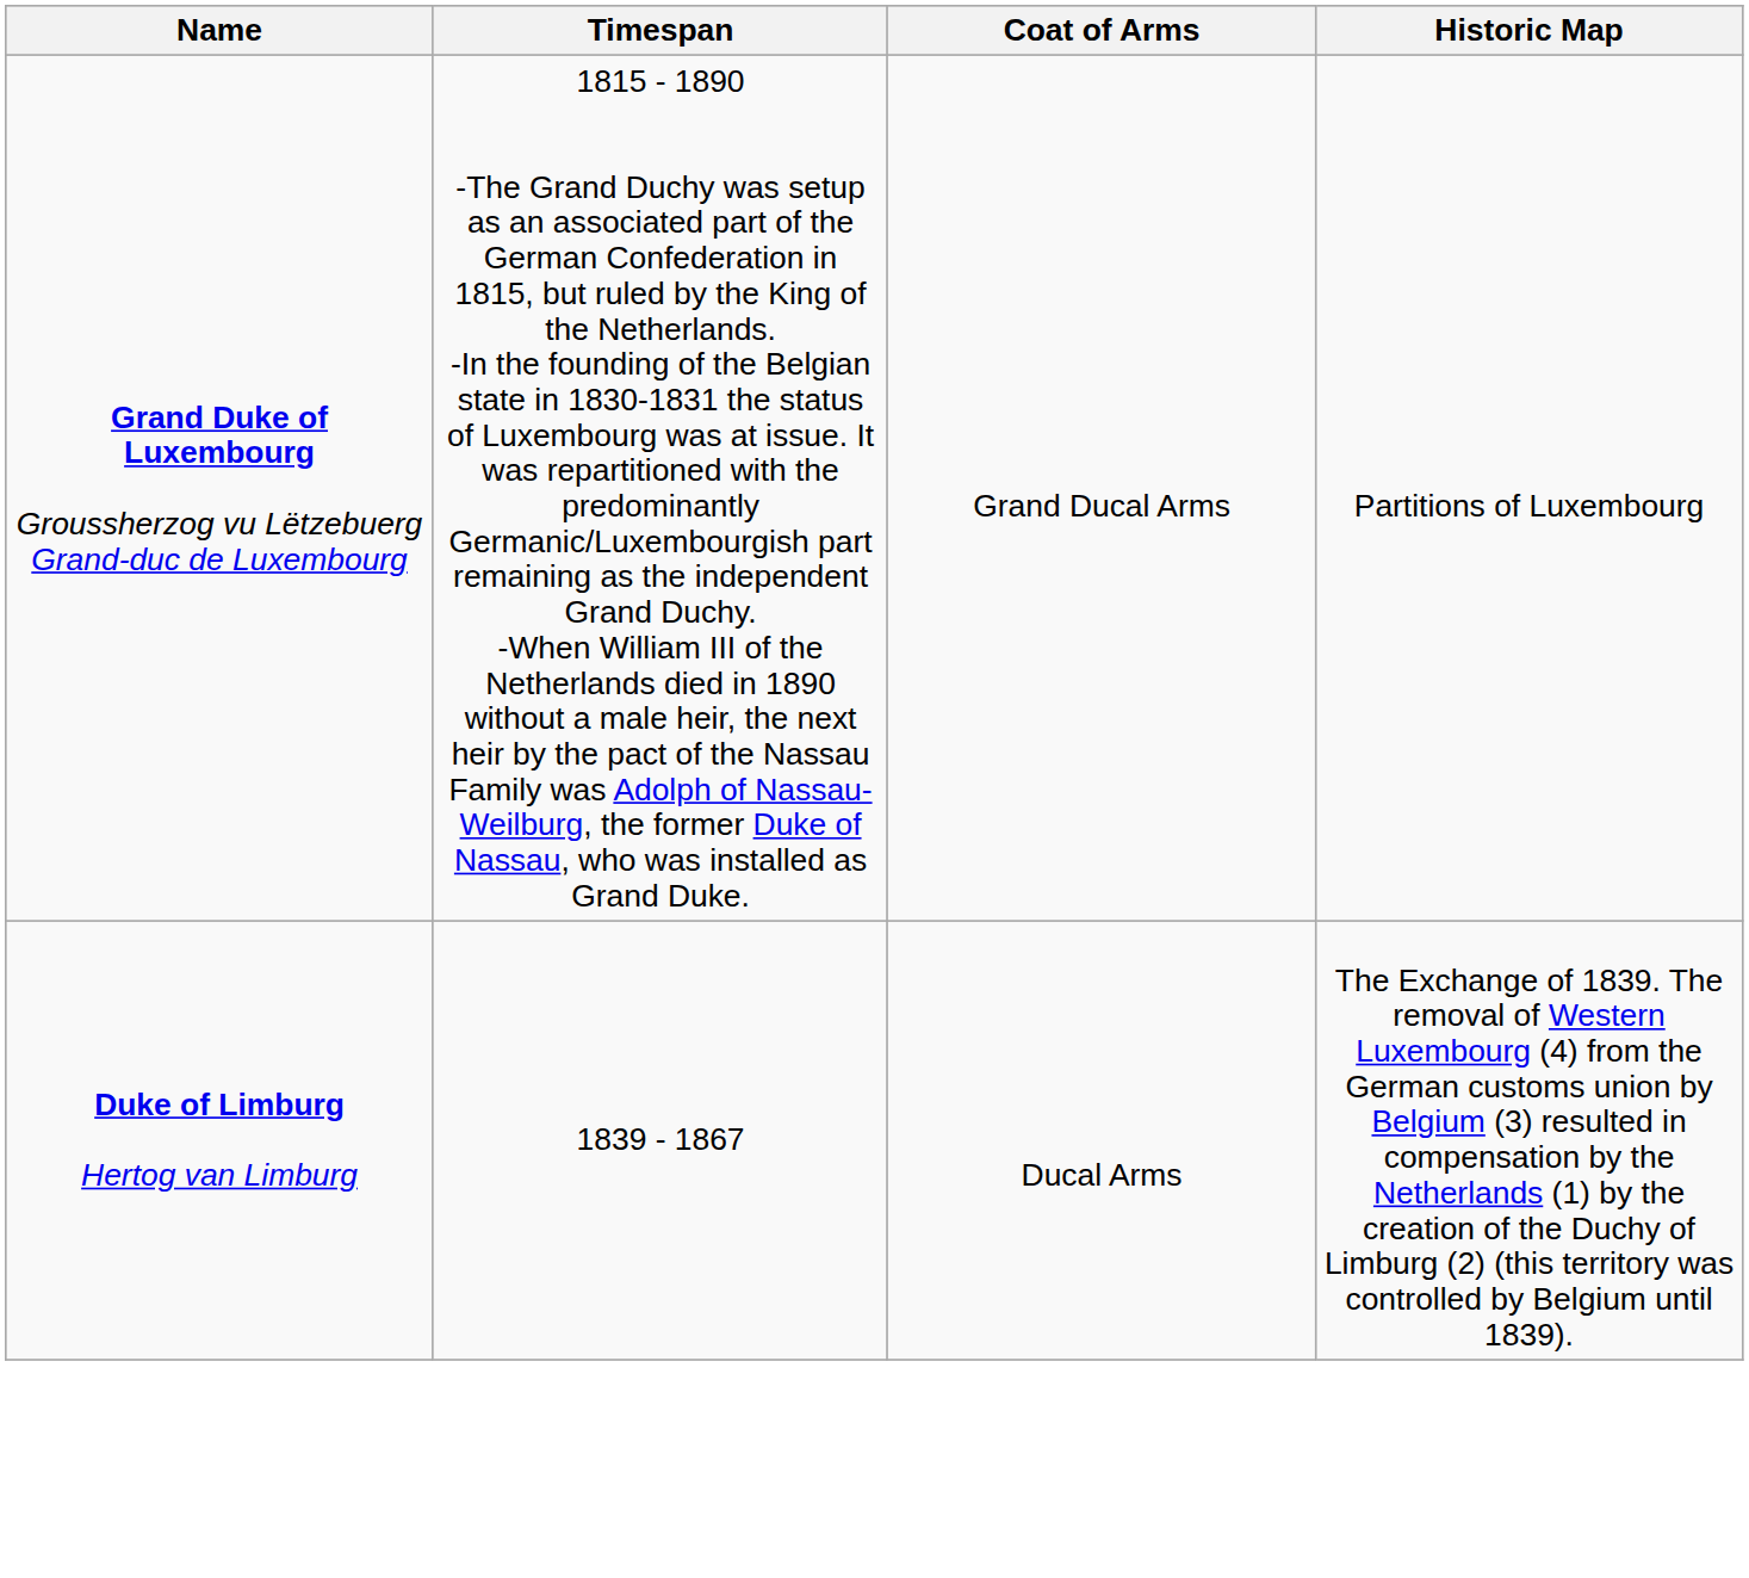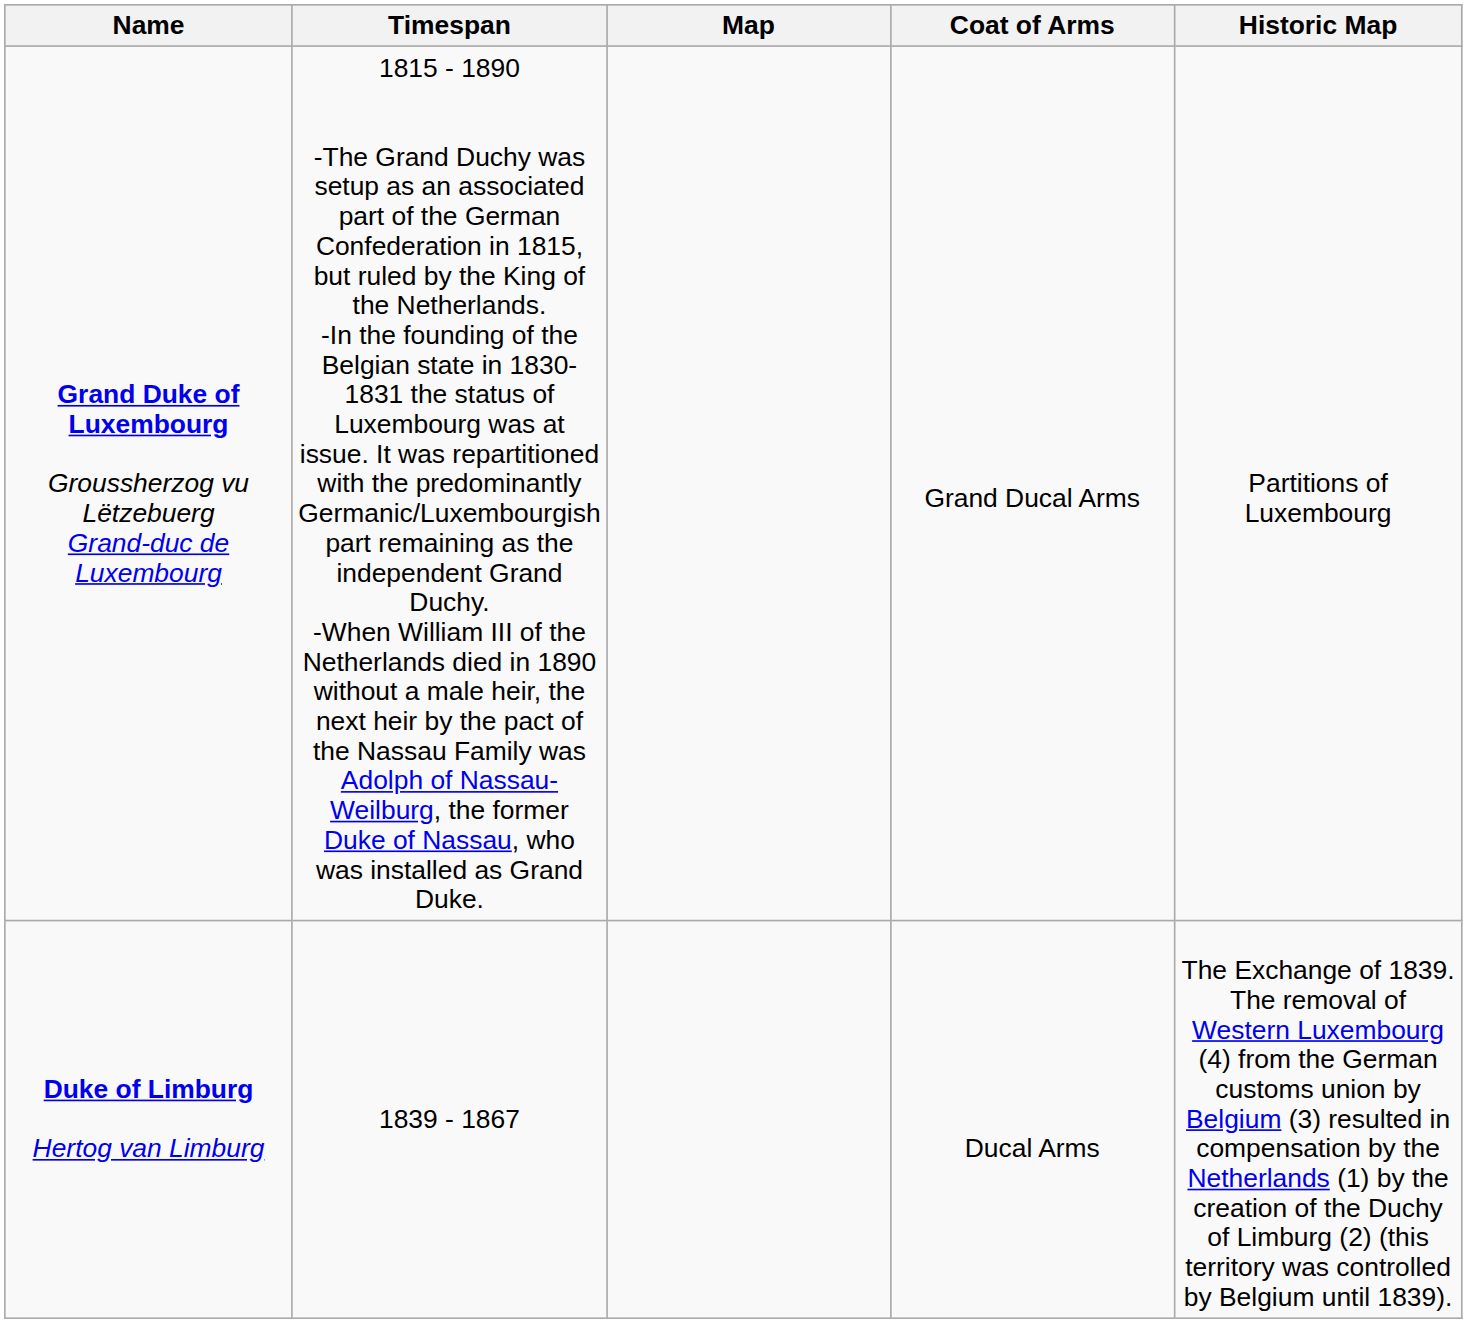 <table class="wikitable" style="text-align:center; width:100%">
 <tr>
 <th width=20%>Name</th>
 <th width=20%>Timespan</th>
+<th width=20%>Map</th>
 <th width=20%>Coat of Arms</th>
 <th width=20%>Historic Map</th>
 </tr>
 <tr>
 <td><strong><a href='#'>Grand Duke of Luxembourg</a></strong><br><br><em>Groussherzog vu Lëtzebuerg</em><br><em><a href='#'>Grand-duc de Luxembourg</a></em></td>
 <td>1815 - 1890<br><br><br>-The Grand Duchy was setup as an associated part of the German Confederation in 1815, but ruled by the King of the Netherlands.<br> -In the founding of the Belgian state in 1830-1831 the status of Luxembourg was at issue.  It was repartitioned with the predominantly Germanic/Luxembourgish part remaining as the independent Grand Duchy.<br> -When William III of the Netherlands died in 1890 without a male heir, the next heir by the pact of the Nassau Family was <a href='#'>Adolph of Nassau-Weilburg</a>, the former <a href='#'>Duke of Nassau</a>, who was installed as Grand Duke.</td>
+<td></td>
 <td><br> Grand Ducal Arms</td>
 <td><br>Partitions of Luxembourg</td>
 </tr>
 <tr>
 <td><strong><a href='#'>Duke of Limburg</a></strong><br><br><em><a href='#'>Hertog van Limburg</a></em></td>
 <td>1839 - 1867<br></td>
+<td></td>
 <td><br><br> Ducal Arms</td>
 <td><br>The Exchange of 1839. The removal of <a href='#'>Western Luxembourg</a> (4) from the German customs union by <a href='#'>Belgium</a> (3) resulted in compensation by the <a href='#'>Netherlands</a> (1) by the creation of the Duchy of Limburg (2) (this territory was controlled by Belgium until 1839).</td>
 </tr>
 </table>
